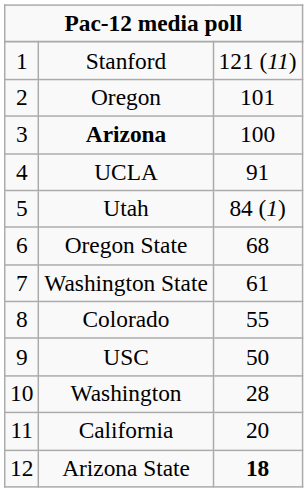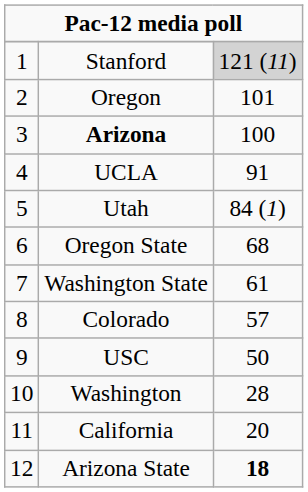 <table class="wikitable" style="display: inline-table;">
 <tr>
 <td align="center" Colspan="3"><strong>Pac-12 media poll</strong></td>
 </tr>
 <tr align="center">
 </tr>
 <tr align="center">
 <td>1</td>
 <td ! style=>Stanford</td>
-<td>121 (<em>11</em>)</td>
+<td style="background: lightgrey;">121 (<em>11</em>)</td>
 </tr>
 <tr align="center">
 <td>2</td>
 <td ! style=>Oregon</td>
 <td>101</td>
 </tr>
 <tr align="center">
 <td>3</td>
 <td ! style=><strong>Arizona</strong></td>
 <td>100</td>
 </tr>
 <tr align="center">
 <td>4</td>
 <td ! style=>UCLA</td>
 <td>91</td>
 </tr>
 <tr align="center">
 <td>5</td>
 <td ! style=>Utah</td>
 <td>84 (<em>1</em>)</td>
 </tr>
 <tr align="center">
 <td>6</td>
 <td ! style=>Oregon State</td>
 <td>68</td>
 </tr>
 <tr align="center">
 <td>7</td>
 <td ! style=>Washington State</td>
 <td>61</td>
 </tr>
 <tr align="center">
 <td>8</td>
 <td ! style=>Colorado</td>
-<td>55</td>
+<td>57</td>
 </tr>
 <tr align="center">
 <td>9</td>
 <td ! style=>USC</td>
 <td>50</td>
 </tr>
 <tr align="center">
 <td>10</td>
 <td ! style=>Washington</td>
 <td>28</td>
 </tr>
 <tr align="center">
 <td>11</td>
 <td ! style=>California</td>
 <td>20</td>
 </tr>
 <tr align="center">
 <td>12</td>
 <td ! style=>Arizona State</td>
 <td><strong>18</strong></td>
 </tr>
 </table>
